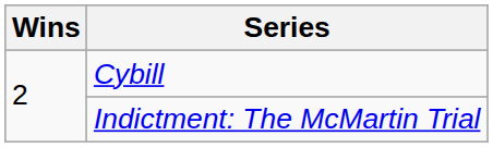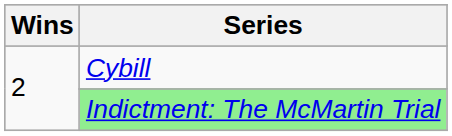 <table class="wikitable">
 <tr>
 <th>Wins</th>
 <th>Series</th>
 </tr>
 <tr>
 <td rowspan="2">2</td>
 <td><em><a href='#'>Cybill</a></em></td>
 </tr>
 <tr>
-<td><em><a href='#'>Indictment: The McMartin Trial</a></em></td>
+<td style="background: lightgreen;"><em><a href='#'>Indictment: The McMartin Trial</a></em></td>
 </tr>
 </table>
